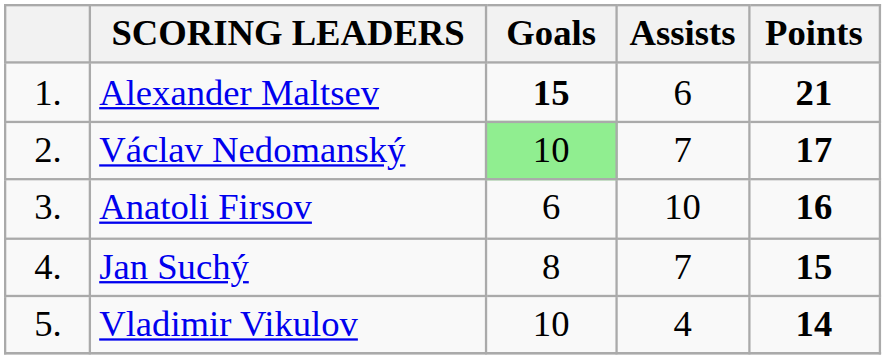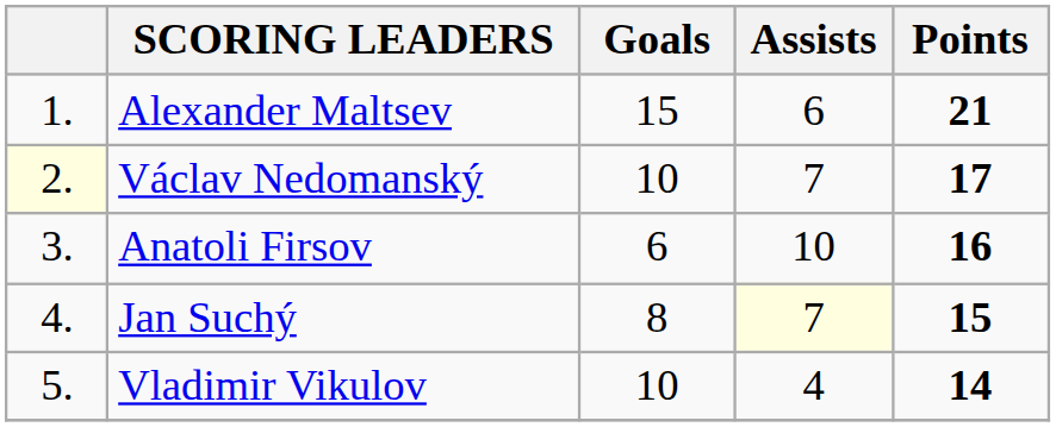 <table class="wikitable" style="text-align:center;">
 <tr bgcolor="#dddddd">
 <th width="30px"></th>
 <th width="165px">SCORING LEADERS</th>
 <th width="50px">Goals</th>
 <th width="50px">Assists</th>
 <th width="50px">Points</th>
 </tr>
 <tr>
 <td>1.</td>
 <td style="text-align:left;"> <a href='#'>Alexander Maltsev</a></td>
-<td><strong>15</strong></td>
+<td>15</td>
 <td>6</td>
 <td><strong>21</strong></td>
 </tr>
 <tr>
-<td>2.</td>
+<td style="background: lightyellow;">2.</td>
 <td style="text-align:left;"> <a href='#'>Václav Nedomanský</a></td>
-<td style="background: lightgreen;">10</td>
+<td>10</td>
 <td>7</td>
 <td><strong>17</strong></td>
 </tr>
 <tr>
 <td>3.</td>
 <td style="text-align:left;"> <a href='#'>Anatoli Firsov</a></td>
 <td>6</td>
 <td>10</td>
 <td><strong>16</strong></td>
 </tr>
 <tr>
 <td>4.</td>
 <td style="text-align:left;"> <a href='#'>Jan Suchý</a></td>
 <td>8</td>
-<td>7</td>
+<td style="background: lightyellow;">7</td>
 <td><strong>15</strong></td>
 </tr>
 <tr>
 <td>5.</td>
 <td style="text-align:left;"> <a href='#'>Vladimir Vikulov</a></td>
 <td>10</td>
 <td>4</td>
 <td><strong>14</strong></td>
 </tr>
 <tr>
 </tr>
 </table>
